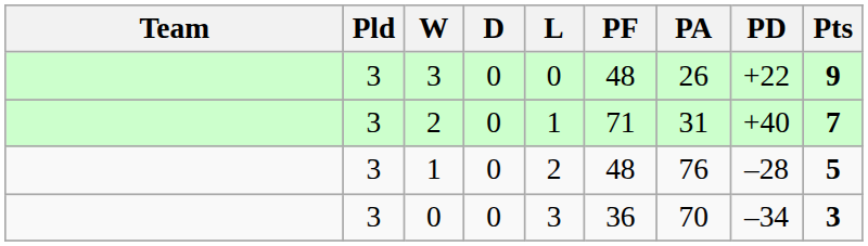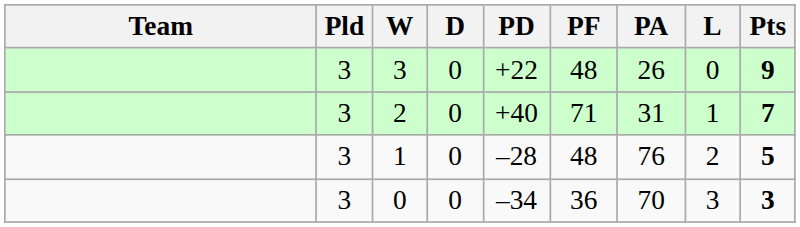 <table class="wikitable" style="text-align:center;">
 <tr>
 <th width=175>Team</th>
 <th width=25 abbr="Played">Pld</th>
 <th width=25 abbr="Won">W</th>
 <th width=25 abbr="Drawn">D</th>
-<th width=25 abbr="Lost">L</th>
+<th width=32 abbr="Points difference">PD</th>
 <th width=32 abbr="Points for">PF</th>
 <th width=32 abbr="Points against">PA</th>
-<th width=32 abbr="Points difference">PD</th>
+<th width=25 abbr="Lost">L</th>
 <th width=25 abbr="Points">Pts</th>
 </tr>
 <tr bgcolor=ccffcc>
 <td align=left></td>
 <td>3</td>
 <td>3</td>
 <td>0</td>
-<td>0</td>
+<td>+22</td>
 <td>48</td>
 <td>26</td>
-<td>+22</td>
+<td>0</td>
 <td><strong>9</strong></td>
 </tr>
 <tr bgcolor=ccffcc>
 <td align=left></td>
 <td>3</td>
 <td>2</td>
 <td>0</td>
-<td>1</td>
+<td>+40</td>
 <td>71</td>
 <td>31</td>
-<td>+40</td>
+<td>1</td>
 <td><strong>7</strong></td>
 </tr>
 <tr>
 <td align=left></td>
 <td>3</td>
 <td>1</td>
 <td>0</td>
-<td>2</td>
+<td>–28</td>
 <td>48</td>
 <td>76</td>
-<td>–28</td>
+<td>2</td>
 <td><strong>5</strong></td>
 </tr>
 <tr>
 <td align=left></td>
 <td>3</td>
 <td>0</td>
 <td>0</td>
-<td>3</td>
+<td>–34</td>
 <td>36</td>
 <td>70</td>
-<td>–34</td>
+<td>3</td>
 <td><strong>3</strong></td>
 </tr>
 </table>
